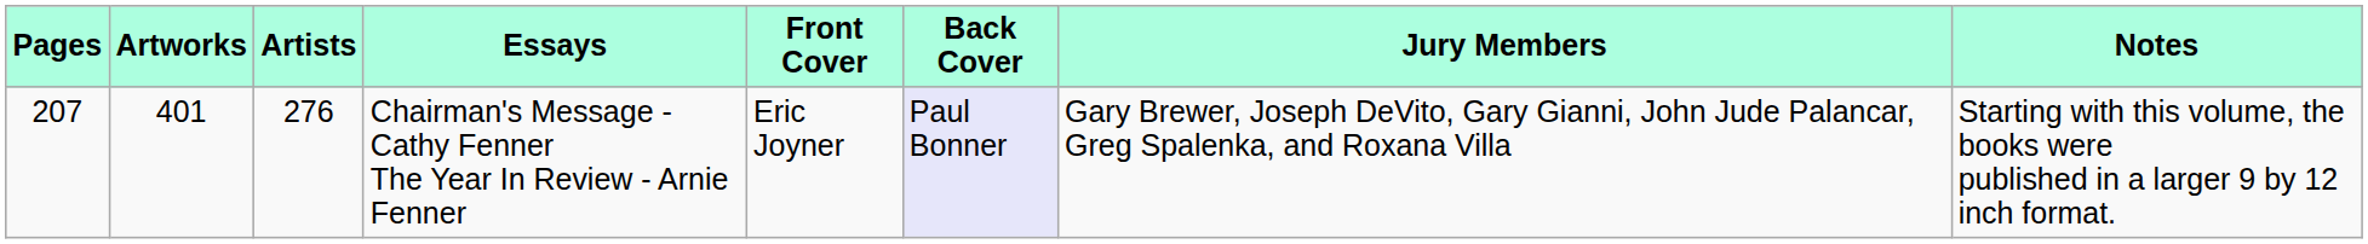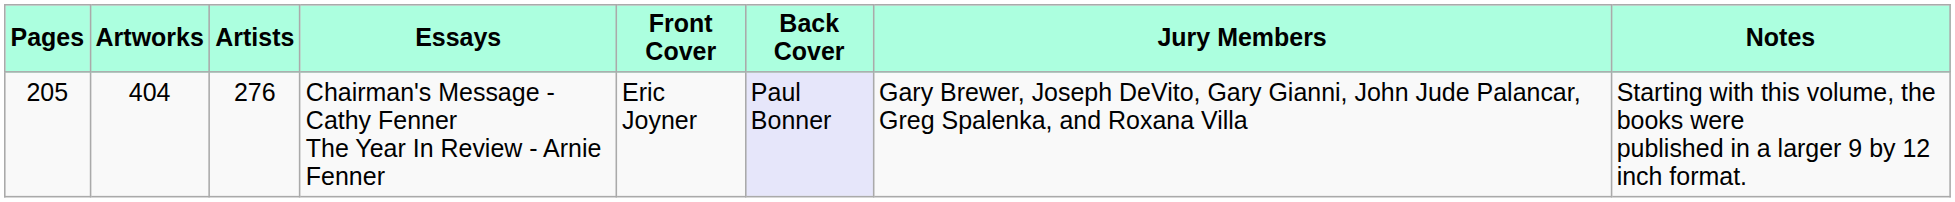 <table class="wikitable">
 <tr>
 <th style="background:#acffdf">Pages</th>
 <th style="background:#acffdf">Artworks</th>
 <th style="background:#acffdf">Artists</th>
 <th style="background:#acffdf">Essays</th>
 <th style="background:#acffdf">Front Cover</th>
 <th style="background:#acffdf">Back Cover</th>
 <th style="background:#acffdf">Jury Members</th>
 <th style="background:#acffdf">Notes</th>
 </tr>
 <tr valign="top">
-<td align="center">207</td>
-<td align="center">401</td>
+<td align="center">205</td>
+<td align="center">404</td>
 <td align="center">276</td>
 <td>Chairman's Message - Cathy Fenner<br>The Year In Review - Arnie Fenner</td>
 <td>Eric Joyner</td>
 <td style="background: lavender;">Paul Bonner</td>
 <td>Gary Brewer, Joseph DeVito, Gary Gianni, John Jude Palancar, Greg Spalenka, and Roxana Villa</td>
 <td>Starting with this volume, the books were<br>published in a larger 9 by 12 inch format.</td>
 </tr>
 </table>
